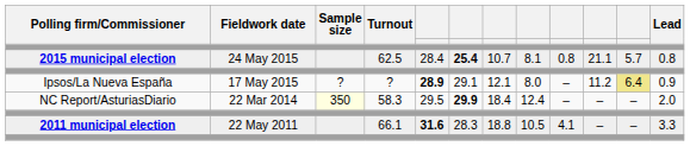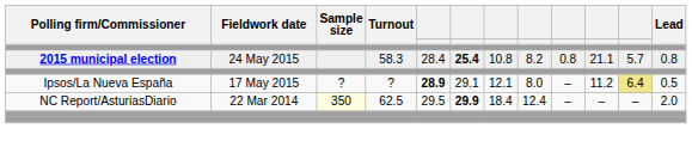 <table class="wikitable collapsible collapsed" style="text-align:center; font-size:95%; line-height:16px;">
 <tr style="height:42px;">
 <th style="width:250px;" rowspan="2">Polling firm/Commissioner</th>
 <th style="width:125px;" rowspan="2">Fieldwork date</th>
 <th style="width:50px;" rowspan="2">Sample size</th>
 <th style="width:45px;" rowspan="2">Turnout</th>
 <th style="width:35px;"></th>
 <th style="width:35px;"></th>
 <th style="width:35px;"></th>
 <th style="width:35px;"></th>
 <th style="width:35px;"></th>
 <th style="width:35px;"></th>
 <th style="width:35px;"></th>
 <th style="width:30px;" rowspan="2">Lead</th>
 </tr>
 <tr>
 <th style="color:inherit;background:"></th>
 <th style="color:inherit;background:"></th>
 <th style="color:inherit;background:"></th>
 <th style="color:inherit;background:"></th>
 <th style="color:inherit;background:"></th>
 <th style="color:inherit;background:"></th>
 <th style="color:inherit;background:"></th>
 </tr>
 <tr>
 <td colspan="12" style="background:#A0A0A0"></td>
 </tr>
 <tr style="background:#EFEFEF;">
 <td><strong><a href='#'>2015 municipal election</a></strong></td>
 <td>24 May 2015</td>
 <td></td>
-<td>62.5</td>
+<td>58.3</td>
 <td>28.4<br></td>
 <td><strong>25.4</strong><br></td>
-<td>10.7<br></td>
-<td>8.1<br></td>
+<td>10.8<br></td>
+<td>8.2<br></td>
 <td>0.8<br></td>
 <td>21.1<br></td>
 <td>5.7<br></td>
 <td style="background:">0.8</td>
 </tr>
 <tr>
 <td colspan="12" style="background:#A0A0A0"></td>
 </tr>
 <tr>
 <td>Ipsos/La Nueva España</td>
 <td>17 May 2015</td>
 <td>?</td>
 <td>?</td>
 <td><strong>28.9</strong><br></td>
 <td>29.1<br></td>
 <td>12.1<br></td>
 <td>8.0<br></td>
 <td>–</td>
 <td>11.2<br></td>
 <td style="background: khaki;">6.4<br></td>
-<td style="background:">0.9</td>
+<td style="background:">0.5</td>
 </tr>
 <tr>
 <td>NC Report/AsturiasDiario</td>
 <td>22 Mar 2014</td>
 <td style="background: lightyellow;">350</td>
-<td>58.3</td>
+<td>62.5</td>
 <td>29.5</td>
 <td><strong>29.9</strong></td>
 <td>18.4</td>
 <td>12.4</td>
 <td>–</td>
 <td>–</td>
 <td>–</td>
 <td style="background:">2.0</td>
 </tr>
 <tr>
 <td colspan="12" style="background:#A0A0A0"></td>
 </tr>
-<tr style="background:#EFEFEF;">
-<td><strong><a href='#'>2011 municipal election</a></strong></td>
-<td>22 May 2011</td>
-<td></td>
-<td>66.1</td>
-<td><strong>31.6</strong><br></td>
-<td>28.3<br></td>
-<td>18.8<br></td>
-<td>10.5<br></td>
-<td>4.1<br></td>
-<td>–</td>
-<td>–</td>
-<td style="background:">3.3</td>
-</tr>
 <tr>
 <td colspan="12" style="background:#A0A0A0"></td>
 </tr>
 </table>
